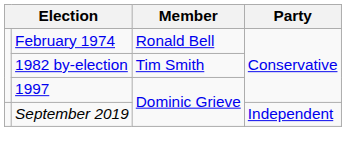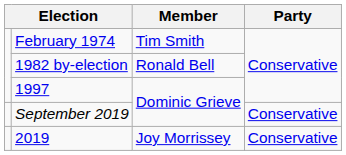 <table class="wikitable">
 <tr>
 <th colspan="2">Election</th>
 <th>Member</th>
 <th>Party</th>
 </tr>
 <tr>
 <td rowspan="3" style="color:inherit;background-color: "></td>
 <td><a href='#'>February 1974</a></td>
-<td><a href='#'>Ronald Bell</a></td>
+<td><a href='#'>Tim Smith</a></td>
 <td rowspan="3"><a href='#'>Conservative</a></td>
 </tr>
 <tr>
 <td><a href='#'>1982 by-election</a></td>
-<td><a href='#'>Tim Smith</a></td>
+<td><a href='#'>Ronald Bell</a></td>
 </tr>
 <tr>
 <td><a href='#'>1997</a></td>
 <td rowspan="2"><a href='#'>Dominic Grieve</a></td>
 </tr>
 <tr>
 <td style="color:inherit;background-color: "></td>
 <td><em>September 2019</em></td>
-<td><a href='#'>Independent</a></td>
+<td><a href='#'>Conservative</a></td>
+</tr>
+<tr>
+<td style="color:inherit;background-color: "></td>
+<td><a href='#'>2019</a></td>
+<td><a href='#'>Joy Morrissey</a></td>
+<td><a href='#'>Conservative</a></td>
 </tr>
 </table>
